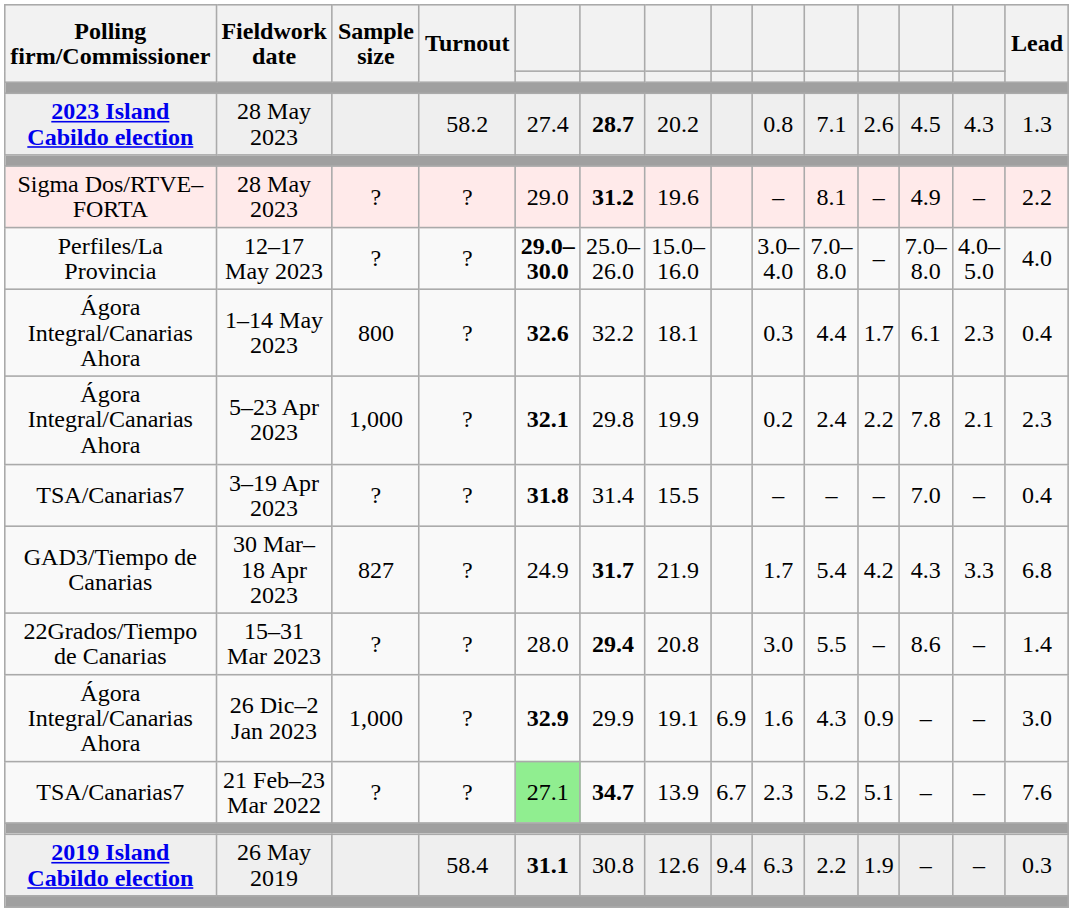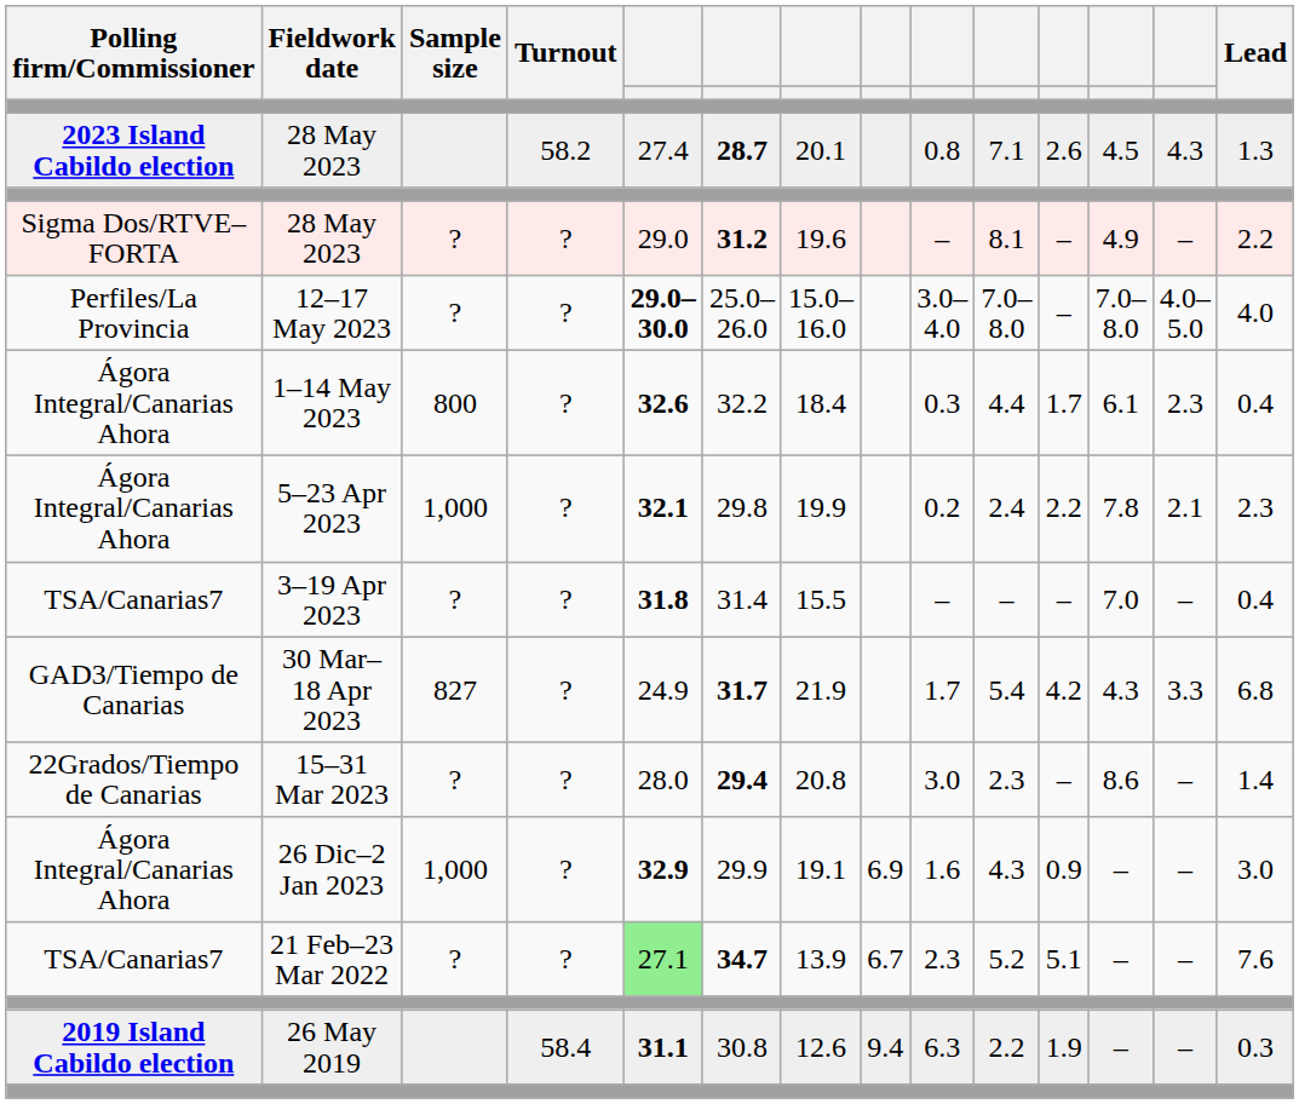 <table class="wikitable collapsible collapsed" style="text-align:center; font-size:95%; line-height:16px;">
 <tr style="height:42px;">
 <th style="width:250px;" rowspan="2">Polling firm/Commissioner</th>
 <th style="width:125px;" rowspan="2">Fieldwork date</th>
 <th style="width:50px;" rowspan="2">Sample size</th>
 <th style="width:45px;" rowspan="2">Turnout</th>
 <th style="width:35px;"></th>
 <th style="width:35px;"></th>
 <th style="width:35px;"></th>
 <th style="width:35px;"></th>
 <th style="width:35px;"></th>
 <th style="width:35px;"></th>
 <th style="width:35px;"></th>
 <th style="width:35px;"></th>
 <th style="width:35px;"></th>
 <th style="width:30px;" rowspan="2">Lead</th>
 </tr>
 <tr>
 <th style="color:inherit;background:"></th>
 <th style="color:inherit;background:"></th>
 <th style="color:inherit;background:"></th>
 <th style="color:inherit;background:"></th>
 <th style="color:inherit;background:"></th>
 <th style="color:inherit;background:"></th>
 <th style="color:inherit;background:"></th>
 <th style="color:inherit;background:"></th>
 <th style="color:inherit;background:"></th>
 </tr>
 <tr>
 <td colspan="14" style="background:#A0A0A0"></td>
 </tr>
 <tr style="background:#EFEFEF;">
 <td><strong><a href='#'>2023 Island Cabildo election</a></strong></td>
 <td>28 May 2023</td>
 <td></td>
 <td>58.2</td>
 <td>27.4<br></td>
 <td><strong>28.7</strong><br></td>
-<td>20.2<br></td>
+<td>20.1<br></td>
 <td></td>
 <td>0.8<br></td>
 <td>7.1<br></td>
 <td>2.6<br></td>
 <td>4.5<br></td>
 <td>4.3<br></td>
 <td style="background:">1.3</td>
 </tr>
 <tr>
 <td colspan="14" style="background:#A0A0A0"></td>
 </tr>
 <tr style="background:#FFEAEA;">
 <td>Sigma Dos/RTVE–FORTA</td>
 <td>28 May 2023</td>
 <td>?</td>
 <td>?</td>
 <td>29.0<br></td>
 <td><strong>31.2</strong><br></td>
 <td>19.6<br></td>
 <td></td>
 <td>–</td>
 <td>8.1<br></td>
 <td>–</td>
 <td>4.9<br></td>
 <td>–</td>
 <td style="background:">2.2</td>
 </tr>
 <tr>
 <td>Perfiles/La Provincia</td>
 <td>12–17 May 2023</td>
 <td>?</td>
 <td>?</td>
 <td><strong>29.0–<br>30.0</strong><br></td>
 <td>25.0–<br>26.0<br></td>
 <td>15.0–<br>16.0<br></td>
 <td></td>
 <td>3.0–<br>4.0<br></td>
 <td>7.0–<br>8.0<br></td>
 <td>–</td>
 <td>7.0–<br>8.0<br></td>
 <td>4.0–<br>5.0<br></td>
 <td style="background:">4.0</td>
 </tr>
 <tr>
 <td>Ágora Integral/Canarias Ahora</td>
 <td>1–14 May 2023</td>
 <td>800</td>
 <td>?</td>
 <td><strong>32.6</strong><br></td>
 <td>32.2<br></td>
-<td>18.1<br></td>
+<td>18.4<br></td>
 <td></td>
 <td>0.3<br></td>
 <td>4.4<br></td>
 <td>1.7<br></td>
 <td>6.1<br></td>
 <td>2.3<br></td>
 <td style="background:">0.4</td>
 </tr>
 <tr>
 <td>Ágora Integral/Canarias Ahora</td>
 <td>5–23 Apr 2023</td>
 <td>1,000</td>
 <td>?</td>
 <td><strong>32.1</strong><br></td>
 <td>29.8<br></td>
 <td>19.9<br></td>
 <td></td>
 <td>0.2<br></td>
 <td>2.4<br></td>
 <td>2.2<br></td>
 <td>7.8<br></td>
 <td>2.1<br></td>
 <td style="background:">2.3</td>
 </tr>
 <tr>
 <td>TSA/Canarias7</td>
 <td>3–19 Apr 2023</td>
 <td>?</td>
 <td>?</td>
 <td><strong>31.8</strong><br></td>
 <td>31.4<br></td>
 <td>15.5<br></td>
 <td></td>
 <td>–</td>
 <td>–</td>
 <td>–</td>
 <td>7.0<br></td>
 <td>–</td>
 <td style="background:">0.4</td>
 </tr>
 <tr>
 <td>GAD3/Tiempo de Canarias</td>
 <td>30 Mar–18 Apr 2023</td>
 <td>827</td>
 <td>?</td>
 <td>24.9<br></td>
 <td><strong>31.7</strong><br></td>
 <td>21.9<br></td>
 <td></td>
 <td>1.7<br></td>
 <td>5.4<br></td>
 <td>4.2<br></td>
 <td>4.3<br></td>
 <td>3.3<br></td>
 <td style="background:">6.8</td>
 </tr>
 <tr>
 <td>22Grados/Tiempo de Canarias</td>
 <td>15–31 Mar 2023</td>
 <td>?</td>
 <td>?</td>
 <td>28.0<br></td>
 <td><strong>29.4</strong><br></td>
 <td>20.8<br></td>
 <td></td>
 <td>3.0<br></td>
-<td>5.5<br></td>
+<td>2.3<br></td>
 <td>–</td>
 <td>8.6<br></td>
 <td>–</td>
 <td style="background:">1.4</td>
 </tr>
 <tr>
 <td>Ágora Integral/Canarias Ahora</td>
 <td>26 Dic–2 Jan 2023</td>
 <td>1,000</td>
 <td>?</td>
 <td><strong>32.9</strong><br></td>
 <td>29.9<br></td>
 <td>19.1<br></td>
 <td>6.9<br></td>
 <td>1.6<br></td>
 <td>4.3<br></td>
 <td>0.9<br></td>
 <td>–</td>
 <td>–</td>
 <td style="background:">3.0</td>
 </tr>
 <tr>
 <td>TSA/Canarias7</td>
 <td>21 Feb–23 Mar 2022</td>
 <td>?</td>
 <td>?</td>
 <td style="background: lightgreen;">27.1<br></td>
 <td><strong>34.7</strong><br></td>
 <td>13.9<br></td>
 <td>6.7<br></td>
 <td>2.3<br></td>
 <td>5.2<br></td>
 <td>5.1<br></td>
 <td>–</td>
 <td>–</td>
 <td style="background:">7.6</td>
 </tr>
 <tr>
 <td colspan="14" style="background:#A0A0A0"></td>
 </tr>
 <tr style="background:#EFEFEF;">
 <td><strong><a href='#'>2019 Island Cabildo election</a></strong></td>
 <td>26 May 2019</td>
 <td></td>
 <td>58.4</td>
 <td><strong>31.1</strong><br></td>
 <td>30.8<br></td>
 <td>12.6<br></td>
 <td>9.4<br></td>
 <td>6.3<br></td>
 <td>2.2<br></td>
 <td>1.9<br></td>
 <td>–</td>
 <td>–</td>
 <td style="background:">0.3</td>
 </tr>
 <tr>
 <td colspan="14" style="background:#A0A0A0"></td>
 </tr>
 </table>
